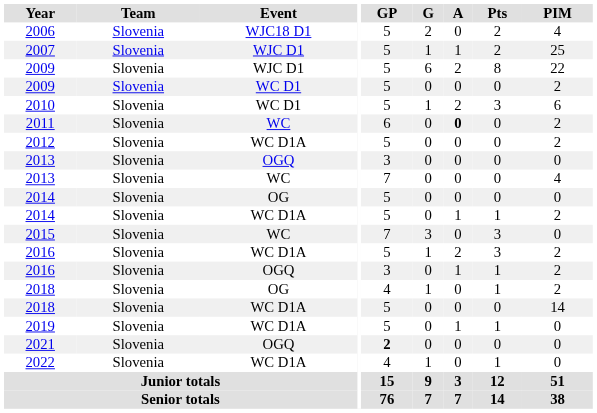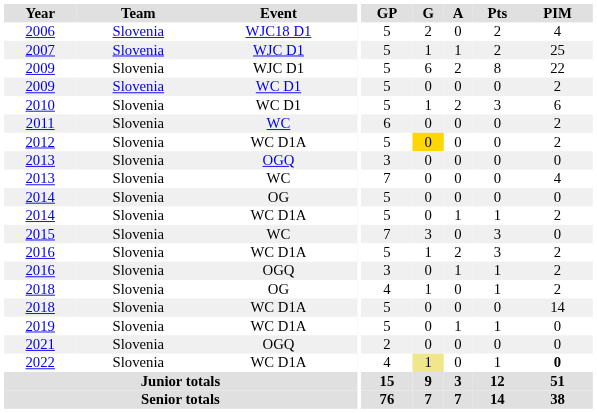 <table border="0" cellpadding="1" cellspacing="0" ID="Table3" style="text-align:center; width:40em">
 <tr ALIGN="center" bgcolor="#e0e0e0">
 <th>Year</th>
 <th>Team</th>
 <th>Event</th>
 <th rowspan="102" bgcolor="#ffffff"></th>
 <th>GP</th>
 <th>G</th>
 <th>A</th>
 <th>Pts</th>
 <th>PIM</th>
 </tr>
 <tr>
 <td><a href='#'>2006</a></td>
 <td><a href='#'>Slovenia</a></td>
 <td><a href='#'>WJC18 D1</a></td>
 <td>5</td>
 <td>2</td>
 <td>0</td>
 <td>2</td>
 <td>4</td>
 </tr>
 <tr bgcolor="#f0f0f0">
 <td><a href='#'>2007</a></td>
 <td><a href='#'>Slovenia</a></td>
 <td><a href='#'>WJC D1</a></td>
 <td>5</td>
 <td>1</td>
 <td>1</td>
 <td>2</td>
 <td>25</td>
 </tr>
 <tr>
 <td><a href='#'>2009</a></td>
 <td>Slovenia</td>
 <td>WJC D1</td>
 <td>5</td>
 <td>6</td>
 <td>2</td>
 <td>8</td>
 <td>22</td>
 </tr>
 <tr bgcolor="#f0f0f0">
 <td><a href='#'>2009</a></td>
 <td><a href='#'>Slovenia</a></td>
 <td><a href='#'>WC D1</a></td>
 <td>5</td>
 <td>0</td>
 <td>0</td>
 <td>0</td>
 <td>2</td>
 </tr>
 <tr>
 <td><a href='#'>2010</a></td>
 <td>Slovenia</td>
 <td>WC D1</td>
 <td>5</td>
 <td>1</td>
 <td>2</td>
 <td>3</td>
 <td>6</td>
 </tr>
 <tr bgcolor="#f0f0f0">
 <td><a href='#'>2011</a></td>
 <td>Slovenia</td>
 <td><a href='#'>WC</a></td>
 <td>6</td>
 <td>0</td>
-<td><strong>0</strong></td>
+<td>0</td>
 <td>0</td>
 <td>2</td>
 </tr>
 <tr>
 <td><a href='#'>2012</a></td>
 <td>Slovenia</td>
 <td>WC D1A</td>
 <td>5</td>
-<td>0</td>
+<td style="background: gold;">0</td>
 <td>0</td>
 <td>0</td>
 <td>2</td>
 </tr>
 <tr bgcolor="#f0f0f0">
 <td><a href='#'>2013</a></td>
 <td>Slovenia</td>
 <td><a href='#'>OGQ</a></td>
 <td>3</td>
 <td>0</td>
 <td>0</td>
 <td>0</td>
 <td>0</td>
 </tr>
 <tr>
 <td><a href='#'>2013</a></td>
 <td>Slovenia</td>
 <td>WC</td>
 <td>7</td>
 <td>0</td>
 <td>0</td>
 <td>0</td>
 <td>4</td>
 </tr>
 <tr bgcolor="#f0f0f0">
 <td><a href='#'>2014</a></td>
 <td>Slovenia</td>
 <td>OG</td>
 <td>5</td>
 <td>0</td>
 <td>0</td>
 <td>0</td>
 <td>0</td>
 </tr>
 <tr>
 <td><a href='#'>2014</a></td>
 <td>Slovenia</td>
 <td>WC D1A</td>
 <td>5</td>
 <td>0</td>
 <td>1</td>
 <td>1</td>
 <td>2</td>
 </tr>
 <tr bgcolor="#f0f0f0">
 <td><a href='#'>2015</a></td>
 <td>Slovenia</td>
 <td>WC</td>
 <td>7</td>
 <td>3</td>
 <td>0</td>
 <td>3</td>
 <td>0</td>
 </tr>
 <tr>
 <td><a href='#'>2016</a></td>
 <td>Slovenia</td>
 <td>WC D1A</td>
 <td>5</td>
 <td>1</td>
 <td>2</td>
 <td>3</td>
 <td>2</td>
 </tr>
 <tr bgcolor="#f0f0f0">
 <td><a href='#'>2016</a></td>
 <td>Slovenia</td>
 <td>OGQ</td>
 <td>3</td>
 <td>0</td>
 <td>1</td>
 <td>1</td>
 <td>2</td>
 </tr>
 <tr>
 <td><a href='#'>2018</a></td>
 <td>Slovenia</td>
 <td>OG</td>
 <td>4</td>
 <td>1</td>
 <td>0</td>
 <td>1</td>
 <td>2</td>
 </tr>
 <tr bgcolor="#f0f0f0">
 <td><a href='#'>2018</a></td>
 <td>Slovenia</td>
 <td>WC D1A</td>
 <td>5</td>
 <td>0</td>
 <td>0</td>
 <td>0</td>
 <td>14</td>
 </tr>
 <tr>
 <td><a href='#'>2019</a></td>
 <td>Slovenia</td>
 <td>WC D1A</td>
 <td>5</td>
 <td>0</td>
 <td>1</td>
 <td>1</td>
 <td>0</td>
 </tr>
 <tr bgcolor="#f0f0f0">
 <td><a href='#'>2021</a></td>
 <td>Slovenia</td>
 <td>OGQ</td>
-<td><strong>2</strong></td>
+<td>2</td>
 <td>0</td>
 <td>0</td>
 <td>0</td>
 <td>0</td>
 </tr>
 <tr>
 <td><a href='#'>2022</a></td>
 <td>Slovenia</td>
 <td>WC D1A</td>
 <td>4</td>
-<td>1</td>
+<td style="background: khaki;">1</td>
 <td>0</td>
 <td>1</td>
-<td>0</td>
+<td><strong>0</strong></td>
 </tr>
 <tr bgcolor="#e0e0e0">
 <th colspan=3>Junior totals</th>
 <th>15</th>
 <th>9</th>
 <th>3</th>
 <th>12</th>
 <th>51</th>
 </tr>
 <tr bgcolor="#e0e0e0">
 <th colspan=3>Senior totals</th>
 <th>76</th>
 <th>7</th>
 <th>7</th>
 <th>14</th>
 <th>38</th>
 </tr>
 </table>
